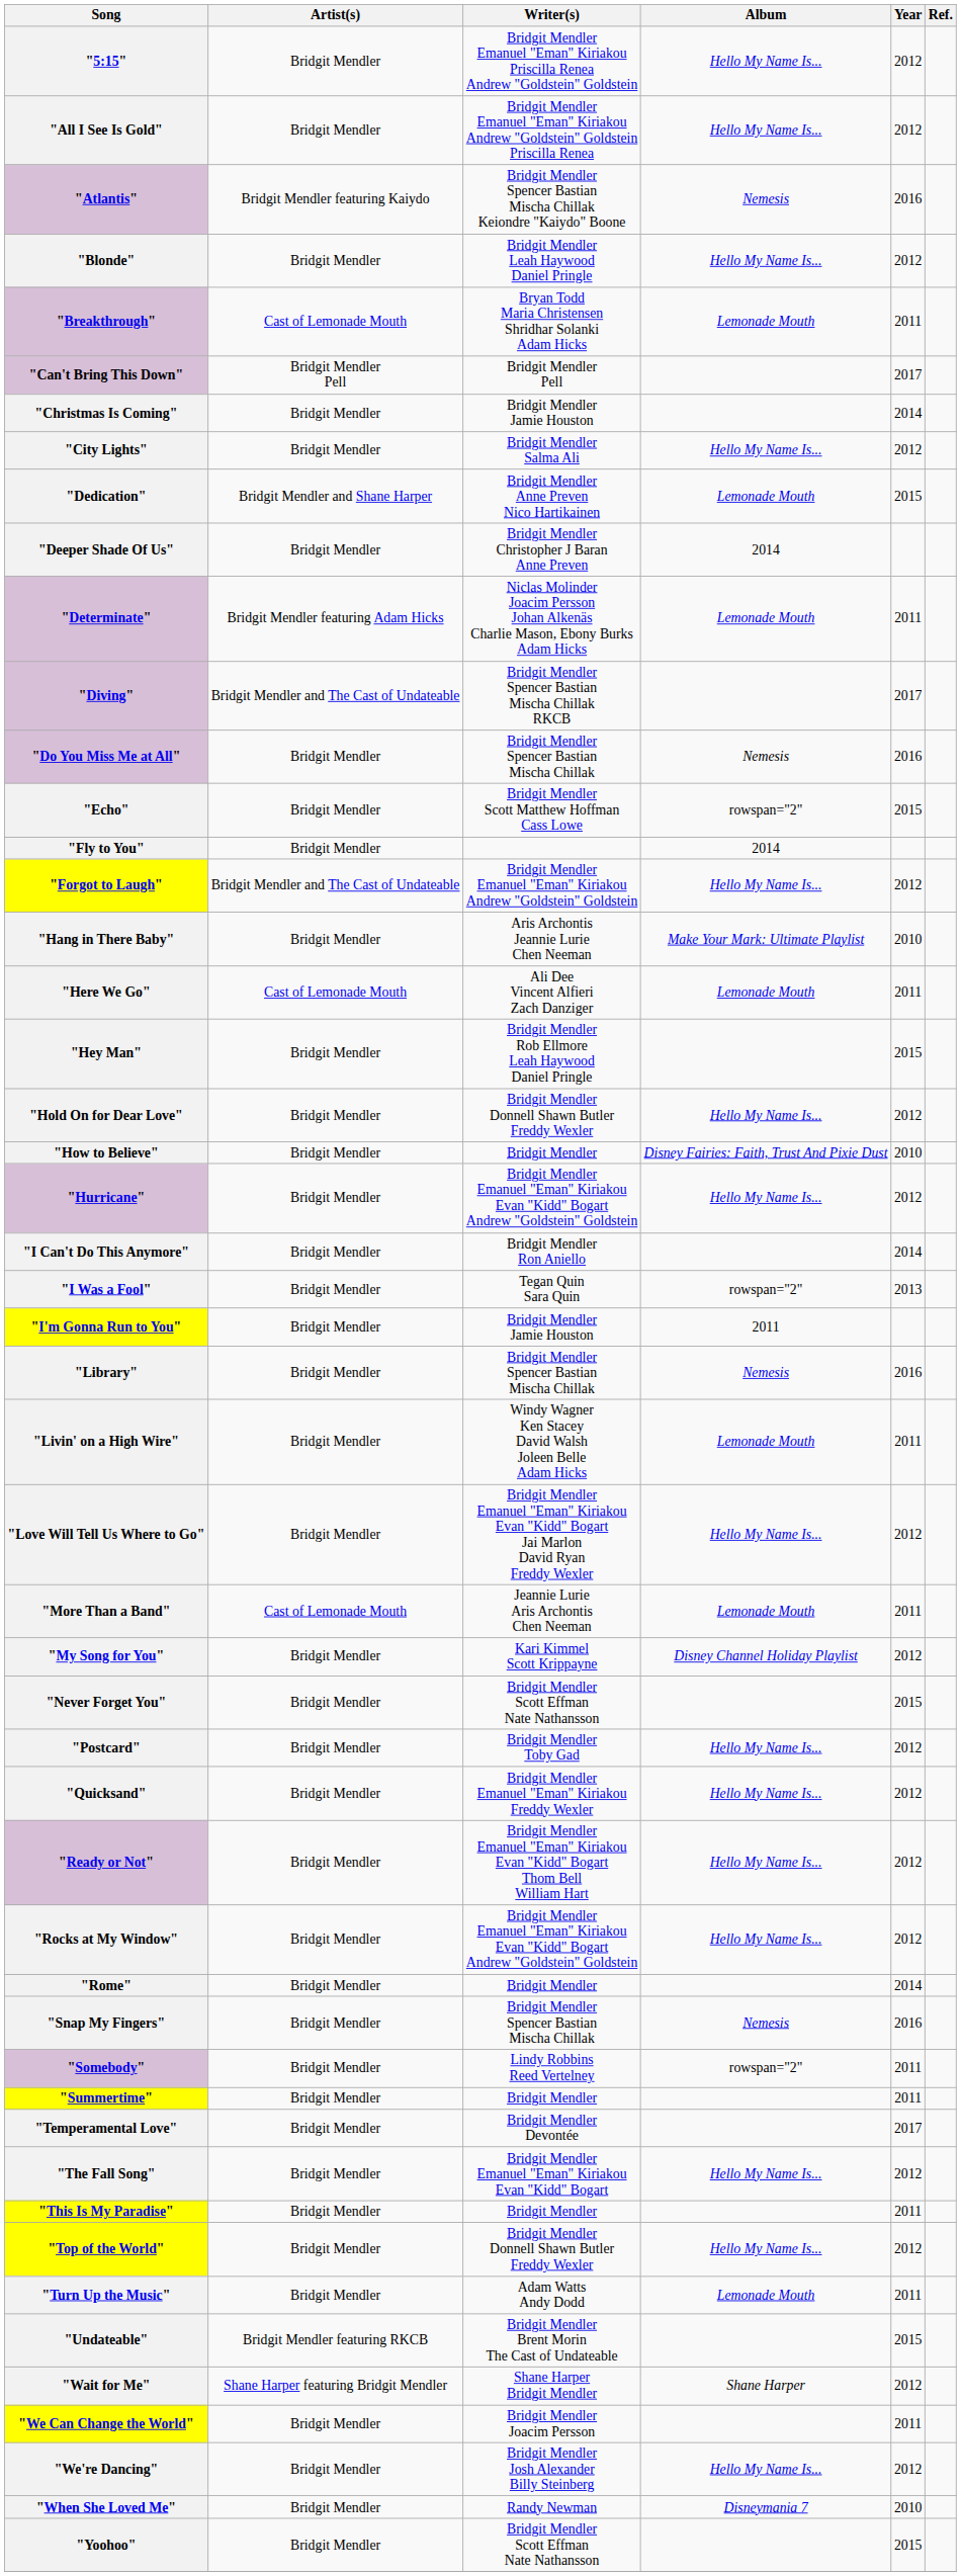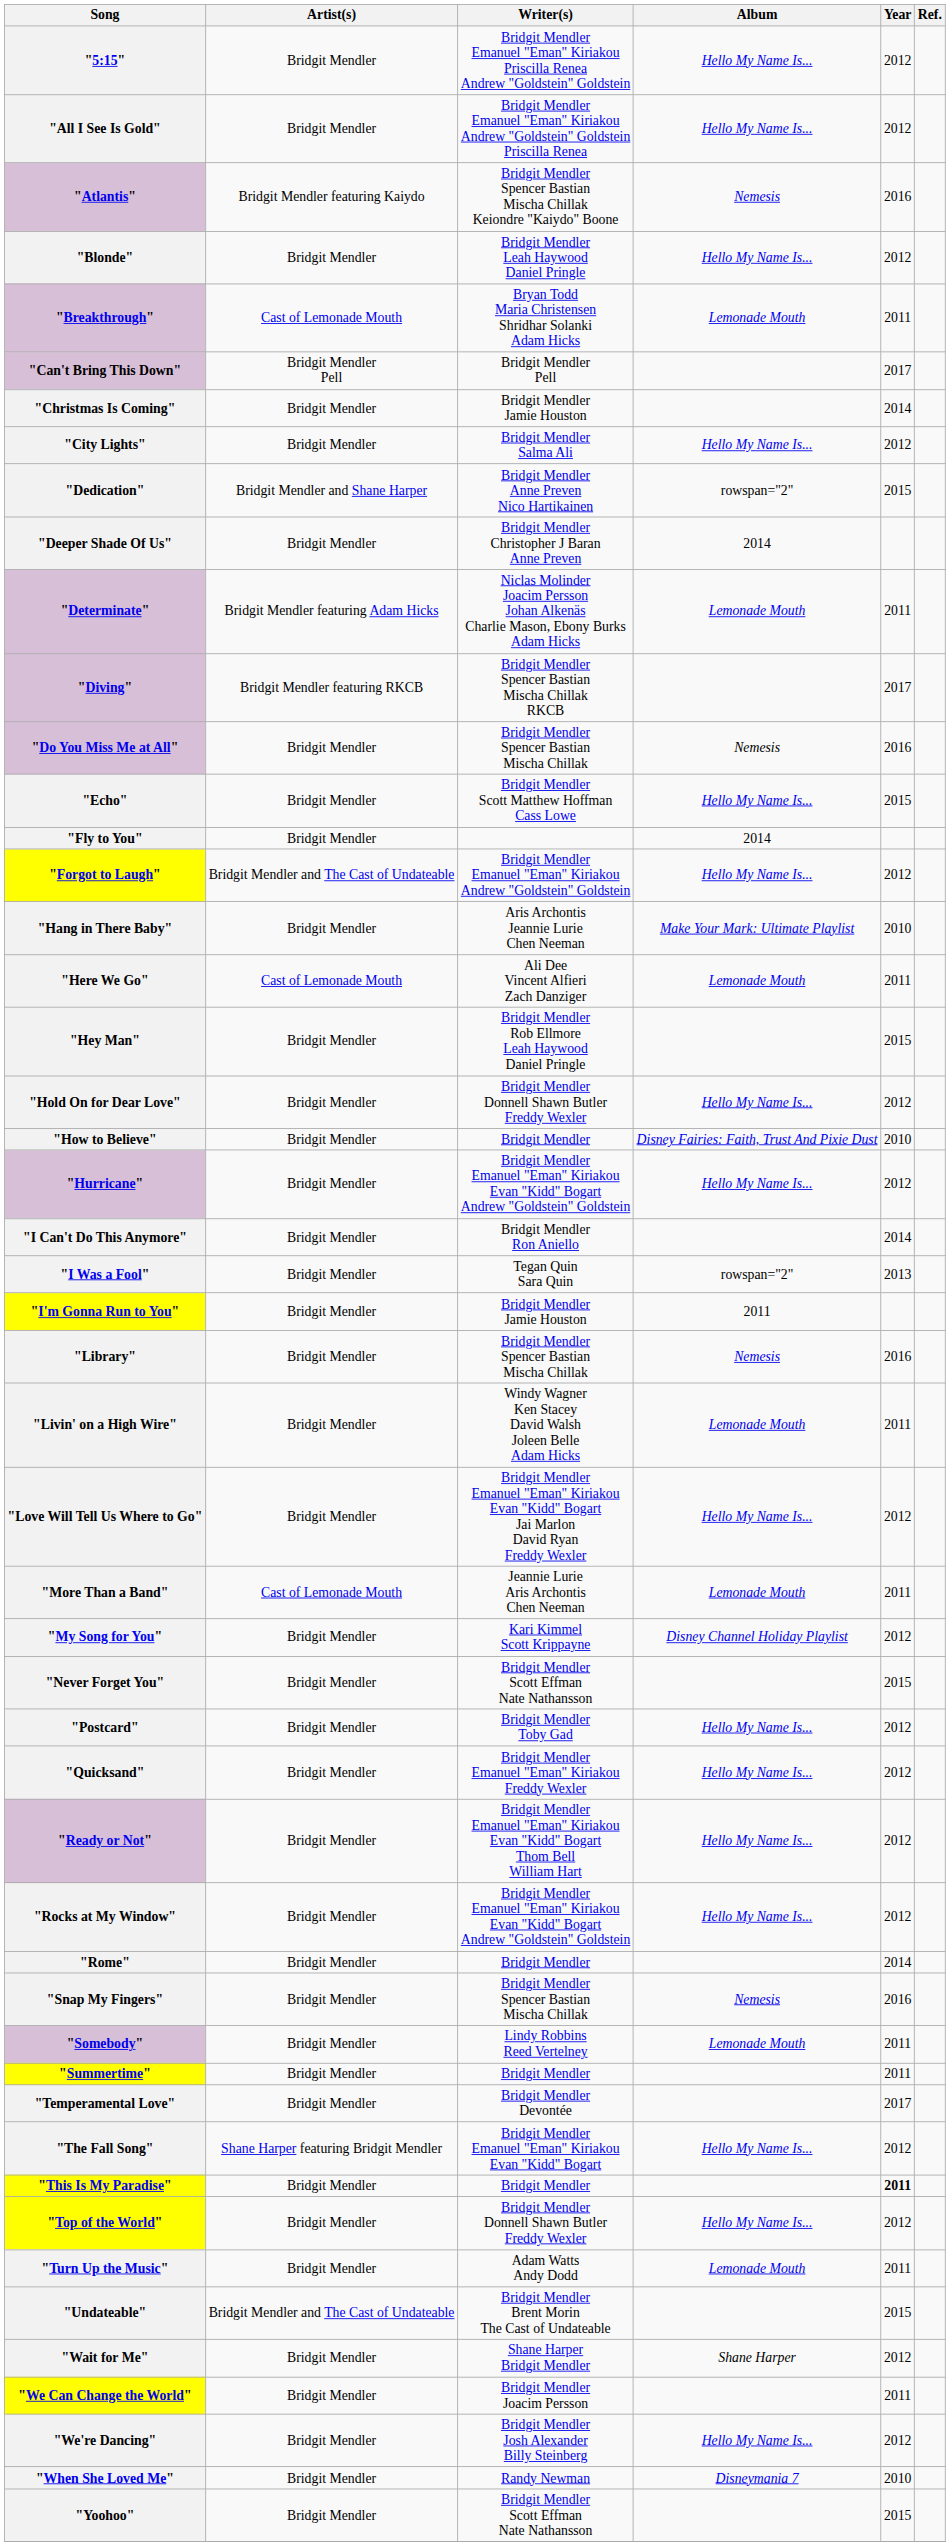 <table class="wikitable sortable plainrowheaders" style="text-align:center;">
 <tr>
 <th scope="col">Song</th>
 <th scope="col">Artist(s)</th>
 <th scope="col" class="unsortable">Writer(s)</th>
 <th scope="col" data-sort-type="text">Album</th>
 <th scope="col">Year</th>
 <th scope="col" class="unsortable">Ref.</th>
 </tr>
 <tr>
 <th scope=row>"<a href='#'>5:15</a>"</th>
 <td>Bridgit Mendler</td>
 <td><a href='#'>Bridgit Mendler</a><br><a href='#'>Emanuel "Eman" Kiriakou</a><br><a href='#'>Priscilla Renea</a><br><a href='#'>Andrew "Goldstein" Goldstein</a></td>
 <td><em><a href='#'>Hello My Name Is...</a></em></td>
 <td>2012</td>
 <td></td>
 </tr>
 <tr>
 <th scope=row> "All I See Is Gold"</th>
 <td>Bridgit Mendler</td>
 <td><a href='#'>Bridgit Mendler</a><br><a href='#'>Emanuel "Eman" Kiriakou</a><br><a href='#'>Andrew "Goldstein" Goldstein</a><br><a href='#'>Priscilla Renea</a></td>
 <td><em><a href='#'>Hello My Name Is...</a></em></td>
 <td>2012</td>
 <td></td>
 </tr>
 <tr>
 <th scope=row style="background-color:#D8BFD8">"<a href='#'>Atlantis</a>" </th>
 <td>Bridgit Mendler featuring Kaiydo</td>
 <td><a href='#'>Bridgit Mendler</a><br>Spencer Bastian<br>Mischa Chillak<br>Keiondre "Kaiydo" Boone</td>
 <td><em><a href='#'>Nemesis</a></em></td>
 <td>2016</td>
 <td></td>
 </tr>
 <tr>
 <th scope=row> "Blonde"</th>
 <td>Bridgit Mendler</td>
 <td><a href='#'>Bridgit Mendler</a><br><a href='#'>Leah Haywood</a><br><a href='#'>Daniel Pringle</a></td>
 <td><em><a href='#'>Hello My Name Is...</a></em></td>
 <td>2012</td>
 <td></td>
 </tr>
 <tr>
 <th scope=row style="background-color:#D8BFD8"> "<a href='#'>Breakthrough</a>" </th>
 <td><a href='#'>Cast of Lemonade Mouth</a></td>
 <td><a href='#'>Bryan Todd</a><br><a href='#'>Maria Christensen</a><br>Shridhar Solanki<br><a href='#'>Adam Hicks</a></td>
 <td><em><a href='#'>Lemonade Mouth</a></em></td>
 <td>2011</td>
 <td></td>
 </tr>
 <tr>
 <th scope="row" style="background-color:#D8BFD8"> "Can't Bring This Down"</th>
 <td>Bridgit Mendler<br>Pell</td>
 <td>Bridgit Mendler<br>Pell</td>
 <td></td>
 <td>2017</td>
 <td></td>
 </tr>
 <tr>
 <th scope="row">"Christmas Is Coming"</th>
 <td>Bridgit Mendler</td>
 <td>Bridgit Mendler<br>Jamie Houston</td>
 <td></td>
 <td>2014</td>
 <td></td>
 </tr>
 <tr>
 <th scope=row>"City Lights"</th>
 <td>Bridgit Mendler</td>
 <td><a href='#'>Bridgit Mendler</a><br><a href='#'>Salma Ali</a></td>
 <td><em><a href='#'>Hello My Name Is...</a></em></td>
 <td>2012</td>
 <td></td>
 </tr>
 <tr>
 <th scope="row"> "Dedication"</th>
 <td>Bridgit Mendler and <a href='#'>Shane Harper</a></td>
 <td><a href='#'>Bridgit Mendler</a><br><a href='#'>Anne Preven</a><br><a href='#'>Nico Hartikainen</a><br></td>
-<td><em><a href='#'>Lemonade Mouth</a></em></td>
+<td>rowspan="2" </td>
 <td>2015</td>
 <td></td>
 </tr>
 <tr>
 <th scope="row">"Deeper Shade Of Us"</th>
 <td>Bridgit Mendler</td>
 <td><a href='#'>Bridgit Mendler</a><br>Christopher J Baran<br><a href='#'>Anne Preven</a></td>
 <td>2014</td>
 <td></td>
 </tr>
 <tr>
 <th scope=row style="background-color:#D8BFD8">"<a href='#'>Determinate</a>" </th>
 <td>Bridgit Mendler featuring <a href='#'>Adam Hicks</a></td>
 <td><a href='#'>Niclas Molinder</a><br><a href='#'>Joacim Persson</a><br><a href='#'>Johan Alkenäs</a><br>Charlie Mason, Ebony Burks<br><a href='#'>Adam Hicks</a></td>
 <td><em><a href='#'>Lemonade Mouth</a></em></td>
 <td>2011</td>
 <td></td>
 </tr>
 <tr>
 <th scope=row style="background-color:#D8BFD8">"<a href='#'>Diving</a>" </th>
-<td>Bridgit Mendler and <a href='#'>The Cast of Undateable</a></td>
+<td>Bridgit Mendler featuring RKCB</td>
 <td><a href='#'>Bridgit Mendler</a><br>Spencer Bastian<br>Mischa Chillak<br>RKCB</td>
 <td></td>
 <td>2017</td>
 <td></td>
 </tr>
 <tr>
 <th scope=row style="background-color:#D8BFD8">"<a href='#'>Do You Miss Me at All</a>" </th>
 <td>Bridgit Mendler</td>
 <td><a href='#'>Bridgit Mendler</a><br>Spencer Bastian<br>Mischa Chillak</td>
 <td><em>Nemesis</em></td>
 <td>2016</td>
 <td></td>
 </tr>
 <tr>
 <th scope="row"> "Echo"</th>
 <td>Bridgit Mendler</td>
 <td><a href='#'>Bridgit Mendler</a><br>Scott Matthew Hoffman<br><a href='#'>Cass Lowe</a></td>
-<td>rowspan="2" </td>
+<td><em><a href='#'>Hello My Name Is...</a></em></td>
 <td>2015</td>
 <td></td>
 </tr>
 <tr>
 <th scope="row"> "Fly to You"</th>
 <td>Bridgit Mendler</td>
 <td></td>
 <td>2014</td>
 <td></td>
 </tr>
 <tr>
 <th scope=row style="background-color:#ffff00">"<a href='#'>Forgot to Laugh</a>"</th>
 <td>Bridgit Mendler and <a href='#'>The Cast of Undateable</a></td>
 <td><a href='#'>Bridgit Mendler</a><br><a href='#'>Emanuel "Eman" Kiriakou</a><br><a href='#'>Andrew "Goldstein" Goldstein</a></td>
 <td><em><a href='#'>Hello My Name Is...</a></em></td>
 <td>2012</td>
 <td></td>
 </tr>
 <tr>
 <th scope="row">  "Hang in There Baby"</th>
 <td>Bridgit Mendler</td>
 <td>Aris Archontis<br>Jeannie Lurie<br>Chen Neeman</td>
 <td><em><a href='#'>Make Your Mark: Ultimate Playlist</a></em></td>
 <td>2010</td>
 <td></td>
 </tr>
 <tr>
 <th scope="row">"Here We Go"</th>
 <td><a href='#'>Cast of Lemonade Mouth</a></td>
 <td>Ali Dee<br>Vincent Alfieri<br>Zach Danziger</td>
 <td><em><a href='#'>Lemonade Mouth</a></em></td>
 <td>2011</td>
 <td></td>
 </tr>
 <tr>
 <th scope="row">"Hey Man"</th>
 <td>Bridgit Mendler</td>
 <td><a href='#'>Bridgit Mendler</a><br>Rob Ellmore<br><a href='#'>Leah Haywood</a><br>Daniel Pringle<br></td>
 <td></td>
 <td>2015</td>
 <td></td>
 </tr>
 <tr>
 <th scope="row">"Hold On for Dear Love"</th>
 <td>Bridgit Mendler</td>
 <td><a href='#'>Bridgit Mendler</a><br>Donnell Shawn Butler<br><a href='#'>Freddy Wexler</a></td>
 <td><em><a href='#'>Hello My Name Is...</a></em></td>
 <td>2012</td>
 <td></td>
 </tr>
 <tr>
 <th scope="row">"How to Believe"</th>
 <td>Bridgit Mendler</td>
 <td><a href='#'>Bridgit Mendler</a></td>
 <td><em><a href='#'>Disney Fairies: Faith, Trust And Pixie Dust</a></em></td>
 <td>2010</td>
 <td></td>
 </tr>
 <tr>
 <th scope=row style="background-color:#D8BFD8"> "<a href='#'>Hurricane</a>" </th>
 <td>Bridgit Mendler</td>
 <td><a href='#'>Bridgit Mendler</a><br><a href='#'>Emanuel "Eman" Kiriakou</a><br><a href='#'>Evan "Kidd" Bogart</a><br><a href='#'>Andrew "Goldstein" Goldstein</a></td>
 <td><em><a href='#'>Hello My Name Is...</a></em></td>
 <td>2012</td>
 <td></td>
 </tr>
 <tr>
 <th scope="row"> "I Can't Do This Anymore"</th>
 <td>Bridgit Mendler</td>
 <td>Bridgit Mendler<br><a href='#'>Ron Aniello</a></td>
 <td></td>
 <td>2014</td>
 <td></td>
 </tr>
 <tr>
 <th scope="row">"<a href='#'>I Was a Fool</a>"</th>
 <td>Bridgit Mendler</td>
 <td>Tegan Quin<br>Sara Quin</td>
 <td>rowspan="2" </td>
 <td>2013</td>
 <td></td>
 </tr>
 <tr>
 <th scope=row style="background-color:#ffff00">"<a href='#'>I'm Gonna Run to You</a>"</th>
 <td>Bridgit Mendler</td>
 <td><a href='#'>Bridgit Mendler</a><br> Jamie Houston</td>
 <td>2011</td>
 <td></td>
 </tr>
 <tr>
 <th scope=row>   "Library"</th>
 <td>Bridgit Mendler</td>
 <td><a href='#'>Bridgit Mendler</a><br>Spencer Bastian<br>Mischa Chillak</td>
 <td><em><a href='#'>Nemesis</a></em></td>
 <td>2016</td>
 <td></td>
 </tr>
 <tr>
 <th scope="row">"Livin' on a High Wire"</th>
 <td>Bridgit Mendler</td>
 <td>Windy Wagner<br>Ken Stacey<br>David Walsh<br>Joleen Belle<br><a href='#'>Adam Hicks</a></td>
 <td><em><a href='#'>Lemonade Mouth</a></em></td>
 <td>2011</td>
 <td></td>
 </tr>
 <tr>
 <th scope="row">"Love Will Tell Us Where to Go"</th>
 <td>Bridgit Mendler</td>
 <td><a href='#'>Bridgit Mendler</a><br><a href='#'>Emanuel "Eman" Kiriakou</a><br><a href='#'>Evan "Kidd" Bogart</a><br>Jai Marlon<br>David Ryan<br><a href='#'>Freddy Wexler</a></td>
 <td><em><a href='#'>Hello My Name Is...</a></em></td>
 <td>2012</td>
 <td></td>
 </tr>
 <tr>
 <th scope="row"> "More Than a Band"</th>
 <td><a href='#'>Cast of Lemonade Mouth</a></td>
 <td>Jeannie Lurie<br>Aris Archontis<br>Chen Neeman</td>
 <td><em><a href='#'>Lemonade Mouth</a></em></td>
 <td>2011</td>
 <td></td>
 </tr>
 <tr>
 <th scope="row">"<a href='#'>My Song for You</a>"</th>
 <td>Bridgit Mendler</td>
 <td><a href='#'>Kari Kimmel</a><br><a href='#'>Scott Krippayne</a></td>
 <td><em><a href='#'>Disney Channel Holiday Playlist</a></em></td>
 <td>2012</td>
 <td></td>
 </tr>
 <tr>
 <th scope="row"> "Never Forget You"</th>
 <td>Bridgit Mendler</td>
 <td><a href='#'>Bridgit Mendler</a><br>Scott Effman<br>Nate Nathansson<br></td>
 <td></td>
 <td>2015</td>
 <td></td>
 </tr>
 <tr>
 <th scope="row"> "Postcard"</th>
 <td>Bridgit Mendler</td>
 <td><a href='#'>Bridgit Mendler</a><br><a href='#'>Toby Gad</a></td>
 <td><em><a href='#'>Hello My Name Is...</a></em></td>
 <td>2012</td>
 <td></td>
 </tr>
 <tr>
 <th scope="row"> "Quicksand"</th>
 <td>Bridgit Mendler</td>
 <td><a href='#'>Bridgit Mendler</a><br><a href='#'>Emanuel "Eman" Kiriakou</a><br><a href='#'>Freddy Wexler</a></td>
 <td><em><a href='#'>Hello My Name Is...</a></em></td>
 <td>2012</td>
 <td></td>
 </tr>
 <tr>
 <th scope=row style="background-color:#D8BFD8"> "<a href='#'>Ready or Not</a>" </th>
 <td>Bridgit Mendler</td>
 <td><a href='#'>Bridgit Mendler</a><br><a href='#'>Emanuel "Eman" Kiriakou</a><br><a href='#'>Evan "Kidd" Bogart</a><br><a href='#'>Thom Bell</a><br><a href='#'>William Hart</a></td>
 <td><em><a href='#'>Hello My Name Is...</a></em></td>
 <td>2012</td>
 <td></td>
 </tr>
 <tr>
 <th scope="row">"Rocks at My Window"</th>
 <td>Bridgit Mendler</td>
 <td><a href='#'>Bridgit Mendler</a><br><a href='#'>Emanuel "Eman" Kiriakou</a><br><a href='#'>Evan "Kidd" Bogart</a><br><a href='#'>Andrew "Goldstein" Goldstein</a></td>
 <td><em><a href='#'>Hello My Name Is...</a></em></td>
 <td>2012</td>
 <td></td>
 </tr>
 <tr>
 <th scope="row">"Rome"</th>
 <td>Bridgit Mendler</td>
 <td><a href='#'>Bridgit Mendler</a></td>
 <td></td>
 <td>2014</td>
 <td></td>
 </tr>
 <tr>
 <th scope=row> "Snap My Fingers"</th>
 <td>Bridgit Mendler</td>
 <td><a href='#'>Bridgit Mendler</a><br>Spencer Bastian<br>Mischa Chillak</td>
 <td><em><a href='#'>Nemesis</a></em></td>
 <td>2016</td>
 <td></td>
 </tr>
 <tr>
 <th scope=row style="background-color:#D8BFD8">"<a href='#'>Somebody</a>" </th>
 <td>Bridgit Mendler</td>
 <td><a href='#'>Lindy Robbins</a><br><a href='#'>Reed Vertelney</a></td>
-<td>rowspan="2" </td>
+<td><em><a href='#'>Lemonade Mouth</a></em></td>
 <td>2011</td>
 <td></td>
 </tr>
 <tr>
 <th scope=row style="background-color:#ffff00">"<a href='#'>Summertime</a>"</th>
 <td>Bridgit Mendler</td>
 <td><a href='#'>Bridgit Mendler</a></td>
 <td></td>
 <td>2011</td>
 <td></td>
 </tr>
 <tr>
 <th scope="row"> "Temperamental Love"</th>
 <td>Bridgit Mendler</td>
 <td><a href='#'>Bridgit Mendler</a><br>Devontée</td>
 <td></td>
 <td>2017</td>
 <td></td>
 </tr>
 <tr>
 <th scope="row"> "The Fall Song"</th>
-<td>Bridgit Mendler</td>
+<td><a href='#'>Shane Harper</a> featuring Bridgit Mendler</td>
 <td><a href='#'>Bridgit Mendler</a><br><a href='#'>Emanuel "Eman" Kiriakou</a><br><a href='#'>Evan "Kidd" Bogart</a></td>
 <td><em><a href='#'>Hello My Name Is...</a></em></td>
 <td>2012</td>
 <td></td>
 </tr>
 <tr>
 <th scope=row style="background-color:#ffff00">"<a href='#'>This Is My Paradise</a>"</th>
 <td>Bridgit Mendler</td>
 <td><a href='#'>Bridgit Mendler</a></td>
 <td></td>
-<td>2011</td>
+<td><strong>2011</strong></td>
 <td></td>
 </tr>
 <tr>
 <th scope=row style="background-color:#ffff00">"<a href='#'>Top of the World</a>"</th>
 <td>Bridgit Mendler</td>
 <td><a href='#'>Bridgit Mendler</a><br>Donnell Shawn Butler<br><a href='#'>Freddy Wexler</a></td>
 <td><em><a href='#'>Hello My Name Is...</a></em></td>
 <td>2012</td>
 <td></td>
 </tr>
 <tr>
 <th scope="row">"<a href='#'>Turn Up the Music</a>"</th>
 <td>Bridgit Mendler</td>
 <td>Adam Watts<br>Andy Dodd</td>
 <td><em><a href='#'>Lemonade Mouth</a></em></td>
 <td>2011</td>
 <td></td>
 </tr>
 <tr>
 <th scope="row"> "Undateable"</th>
-<td>Bridgit Mendler featuring RKCB</td>
+<td>Bridgit Mendler and <a href='#'>The Cast of Undateable</a></td>
 <td><a href='#'>Bridgit Mendler</a><br>Brent Morin<br>The Cast of Undateable</td>
 <td></td>
 <td>2015</td>
 <td></td>
 </tr>
 <tr>
 <th scope="row">  "Wait for Me"</th>
-<td><a href='#'>Shane Harper</a> featuring Bridgit Mendler</td>
+<td>Bridgit Mendler</td>
 <td><a href='#'>Shane Harper</a><br><a href='#'>Bridgit Mendler</a></td>
 <td><em>Shane Harper</em></td>
 <td>2012</td>
 <td></td>
 </tr>
 <tr>
 <th scope=row style="background-color:#ffff00">"<a href='#'>We Can Change the World</a>"</th>
 <td>Bridgit Mendler</td>
 <td><a href='#'>Bridgit Mendler</a><br>Joacim Persson</td>
 <td></td>
 <td>2011</td>
 <td></td>
 </tr>
 <tr>
 <th scope="row">"We're Dancing"</th>
 <td>Bridgit Mendler</td>
 <td><a href='#'>Bridgit Mendler</a><br><a href='#'>Josh Alexander</a><br><a href='#'>Billy Steinberg</a></td>
 <td><em><a href='#'>Hello My Name Is...</a></em></td>
 <td>2012</td>
 <td></td>
 </tr>
 <tr>
 <th scope="row">"<a href='#'>When She Loved Me</a>"</th>
 <td>Bridgit Mendler</td>
 <td><a href='#'>Randy Newman</a></td>
 <td><em><a href='#'>Disneymania 7</a></em></td>
 <td>2010</td>
 <td></td>
 </tr>
 <tr>
 <th scope="row">  "Yoohoo"</th>
 <td>Bridgit Mendler</td>
 <td><a href='#'>Bridgit Mendler</a><br>Scott Effman<br>Nate Nathansson<br></td>
 <td></td>
 <td>2015</td>
 <td></td>
 </tr>
 <tr>
 </tr>
 </table>
